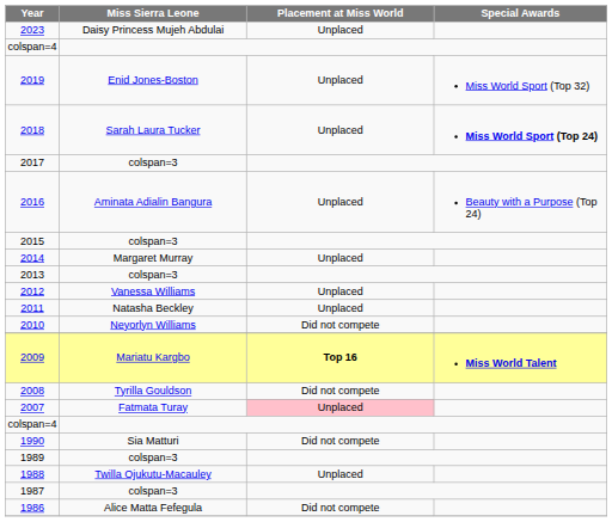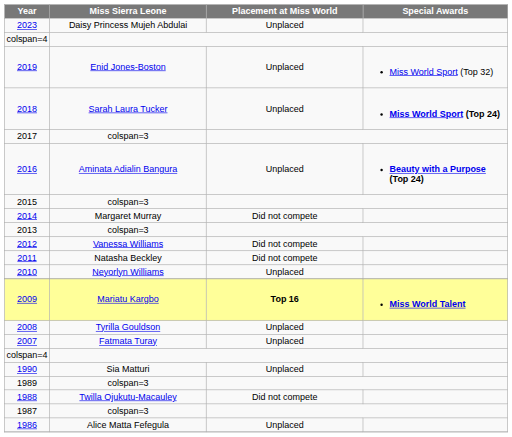 <table class="wikitable" style="font-size: 92%; text-align:center">
 <tr>
 <th width="60" style="background-color:#787878;color:#FFFFFF;">Year</th>
 <th width="250" style="background-color:#787878;color:#FFFFFF;">Miss Sierra Leone</th>
 <th width="250" style="background-color:#787878;color:#FFFFFF;">Placement at Miss World</th>
 <th width="230" style="background-color:#787878;color:#FFFFFF;">Special Awards</th>
 </tr>
 <tr>
 <td><a href='#'>2023</a></td>
 <td>Daisy Princess Mujeh Abdulai</td>
 <td>Unplaced</td>
 <td></td>
 </tr>
 <tr>
 <td>colspan=4 </td>
 </tr>
 <tr>
 <td><a href='#'>2019</a></td>
 <td><a href='#'>Enid Jones-Boston</a></td>
 <td>Unplaced</td>
 <td align="left"><br><ul><li><a href='#'>Miss World Sport</a> (Top 32)</li></ul></td>
 </tr>
 <tr>
 <td><a href='#'>2018</a></td>
 <td><a href='#'>Sarah Laura Tucker</a></td>
 <td>Unplaced</td>
 <td align="left"><strong><br><ul><li><a href='#'>Miss World Sport</a> (Top 24)</li></ul></strong></td>
 </tr>
 <tr>
 <td>2017</td>
 <td>colspan=3 </td>
 </tr>
 <tr>
 <td><a href='#'>2016</a></td>
 <td><a href='#'>Aminata Adialin Bangura</a></td>
 <td>Unplaced</td>
-<td align="left"><br><ul><li><a href='#'>Beauty with a Purpose</a> (Top 24)</li></ul></td>
+<td align="left"><strong><br><ul><li><a href='#'>Beauty with a Purpose</a> (Top 24)</li></ul></strong></td>
 </tr>
 <tr>
 <td>2015</td>
 <td>colspan=3 </td>
 </tr>
 <tr>
 <td><a href='#'>2014</a></td>
 <td>Margaret Murray</td>
-<td>Unplaced</td>
+<td>Did not compete</td>
 <td></td>
 </tr>
 <tr>
 <td>2013</td>
 <td>colspan=3 </td>
 </tr>
 <tr>
 <td><a href='#'>2012</a></td>
 <td><a href='#'> Vanessa Williams</a></td>
-<td>Unplaced</td>
+<td>Did not compete</td>
 <td></td>
 </tr>
 <tr>
 <td><a href='#'>2011</a></td>
 <td>Natasha Beckley</td>
-<td>Unplaced</td>
+<td>Did not compete</td>
 <td></td>
 </tr>
 <tr>
 <td><a href='#'>2010</a></td>
 <td><a href='#'>Neyorlyn Williams</a></td>
-<td>Did not compete</td>
+<td>Unplaced</td>
 <td></td>
 </tr>
 <tr>
 </tr>
 <tr style="background-color:#FFFF99;">
 <td><a href='#'>2009</a></td>
 <td><a href='#'>Mariatu Kargbo</a></td>
 <td><strong>Top 16</strong></td>
 <td align="left"><br><ul><li><strong><a href='#'>Miss World Talent</a></strong></li></ul></td>
 </tr>
 <tr>
 <td><a href='#'>2008</a></td>
 <td><a href='#'>Tyrilla Gouldson</a></td>
-<td>Did not compete</td>
+<td>Unplaced</td>
 <td></td>
 </tr>
 <tr>
 <td><a href='#'>2007</a></td>
 <td><a href='#'>Fatmata Turay</a></td>
-<td style="background: pink;">Unplaced</td>
+<td>Unplaced</td>
 <td></td>
 </tr>
 <tr>
 <td>colspan=4 </td>
 </tr>
 <tr>
 <td><a href='#'>1990</a></td>
 <td>Sia Matturi</td>
-<td>Did not compete</td>
+<td>Unplaced</td>
 <td></td>
 </tr>
 <tr>
 <td>1989</td>
 <td>colspan=3 </td>
 </tr>
 <tr>
 <td><a href='#'>1988</a></td>
 <td><a href='#'>Twilla Ojukutu-Macauley</a></td>
-<td>Unplaced</td>
+<td>Did not compete</td>
 <td></td>
 </tr>
 <tr>
 <td>1987</td>
 <td>colspan=3 </td>
 </tr>
 <tr>
 <td><a href='#'>1986</a></td>
 <td>Alice Matta Fefegula</td>
-<td>Did not compete</td>
+<td>Unplaced</td>
 <td></td>
 </tr>
 <tr>
 </tr>
 </table>
